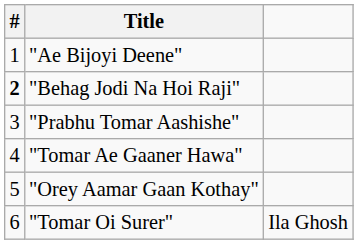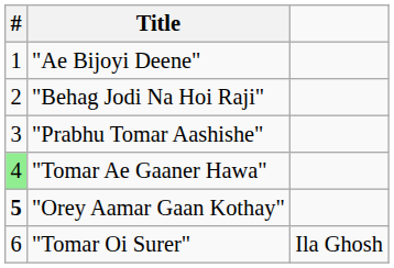 <table class="wikitable" style="font-size:95%;">
 <tr>
 <th>#</th>
 <th>Title</th>
 </tr>
 <tr>
 <td>1</td>
 <td>"Ae Bijoyi Deene"</td>
 <td></td>
 </tr>
 <tr>
-<td><strong>2</strong></td>
+<td>2</td>
 <td>"Behag Jodi Na Hoi Raji"</td>
 <td></td>
 </tr>
 <tr>
 <td>3</td>
 <td>"Prabhu Tomar Aashishe"</td>
 <td></td>
 </tr>
 <tr>
-<td>4</td>
+<td style="background: lightgreen;">4</td>
 <td>"Tomar Ae Gaaner Hawa"</td>
 <td></td>
 </tr>
 <tr>
-<td>5</td>
+<td><strong>5</strong></td>
 <td>"Orey Aamar Gaan Kothay"</td>
 </tr>
 <tr>
 <td>6</td>
 <td>"Tomar Oi Surer"</td>
 <td>Ila Ghosh</td>
 </tr>
 </table>
